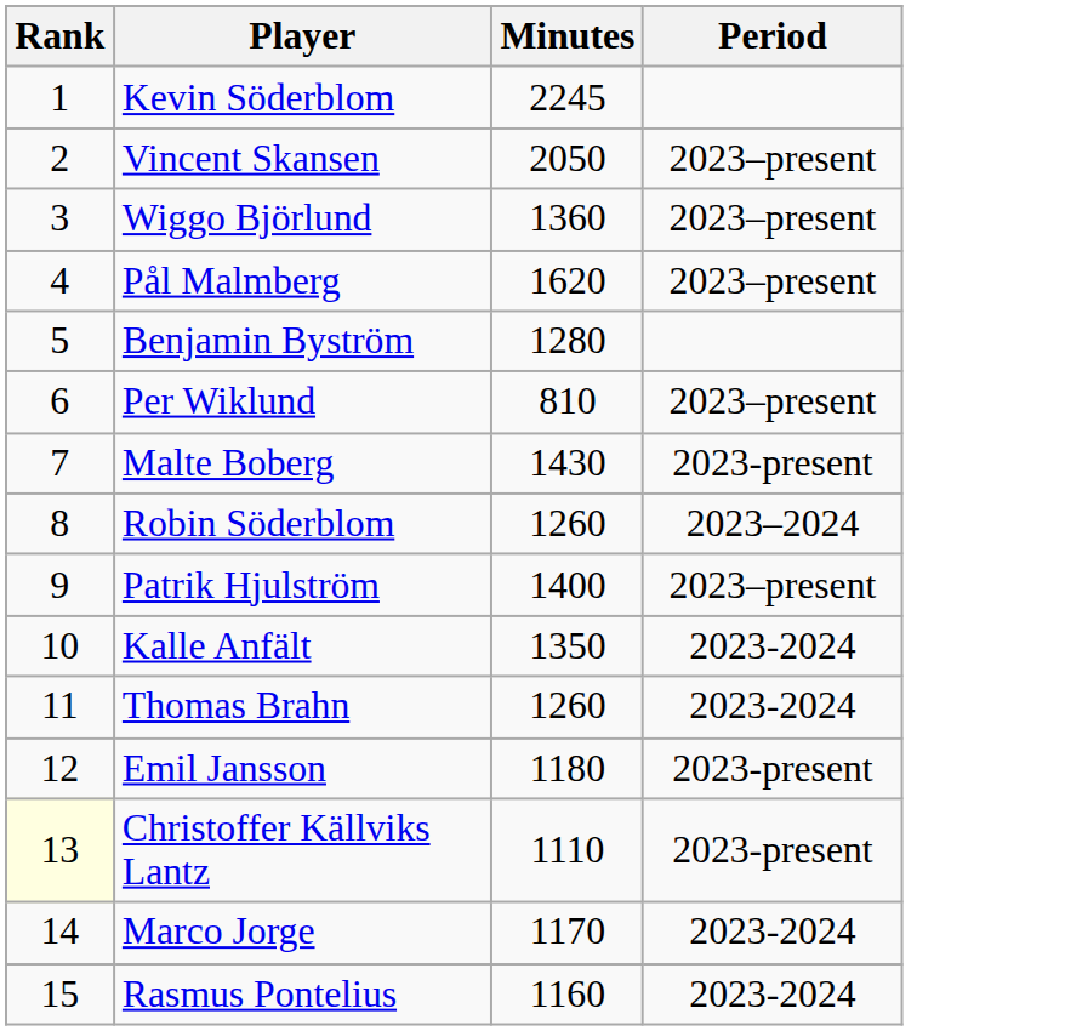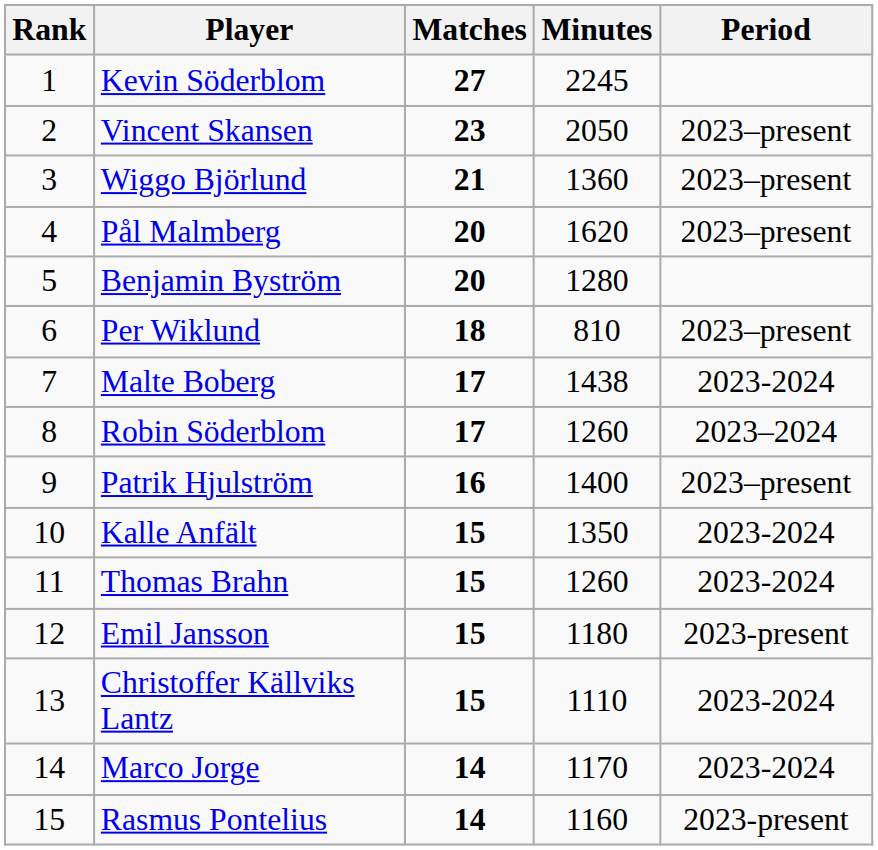 <table class="wikitable sortable" style="text-align:center;">
 <tr>
 <th width=20px>Rank</th>
 <th style="width:150px;">Player</th>
+<th width=50px>Matches</th>
 <th width=50px>Minutes</th>
 <th style="width:100px;">Period</th>
 </tr>
 <tr>
 <td>1</td>
 <td style="text-align: left;"><a href='#'>Kevin Söderblom</a></td>
+<td><strong>27</strong></td>
 <td>2245</td>
 <td></td>
 </tr>
 <tr>
 <td>2</td>
 <td style="text-align: left;"><a href='#'>Vincent Skansen</a></td>
+<td><strong>23</strong></td>
 <td>2050</td>
 <td>2023–present</td>
 </tr>
 <tr>
 <td>3</td>
 <td style="text-align: left;"><a href='#'>Wiggo Björlund</a></td>
+<td><strong>21</strong></td>
 <td>1360</td>
 <td>2023–present</td>
 </tr>
 <tr>
 <td>4</td>
 <td style="text-align: left;"><a href='#'>Pål Malmberg</a></td>
+<td><strong>20</strong></td>
 <td>1620</td>
 <td>2023–present</td>
 </tr>
 <tr>
 <td>5</td>
 <td style="text-align: left;"><a href='#'>Benjamin Byström</a></td>
+<td><strong>20</strong></td>
 <td>1280</td>
 <td></td>
 </tr>
 <tr>
 <td>6</td>
 <td style="text-align: left;"><a href='#'>Per Wiklund</a></td>
+<td><strong>18</strong></td>
 <td>810</td>
 <td>2023–present</td>
 </tr>
 <tr>
 <td>7</td>
 <td style="text-align: left"><a href='#'>Malte Boberg</a></td>
-<td>1430</td>
-<td>2023-present</td>
+<td><strong>17</strong></td>
+<td>1438</td>
+<td>2023-2024</td>
 </tr>
 <tr>
 <td>8</td>
 <td style="text-align: left;"><a href='#'>Robin Söderblom</a></td>
+<td><strong>17</strong></td>
 <td>1260</td>
 <td>2023–2024</td>
 </tr>
 <tr>
 <td>9</td>
 <td style="text-align: left;"><a href='#'>Patrik Hjulström</a></td>
+<td><strong>16</strong></td>
 <td>1400</td>
 <td>2023–present</td>
 </tr>
 <tr>
 <td>10</td>
 <td style="text-align: left"><a href='#'>Kalle Anfält</a></td>
+<td><strong>15</strong></td>
 <td>1350</td>
 <td>2023-2024</td>
 </tr>
 <tr>
 <td>11</td>
 <td style="text-align: left"><a href='#'>Thomas Brahn</a></td>
+<td><strong>15</strong></td>
 <td>1260</td>
 <td>2023-2024</td>
 </tr>
 <tr>
 <td>12</td>
 <td style="text-align: left"><a href='#'>Emil Jansson</a></td>
+<td><strong>15</strong></td>
 <td>1180</td>
 <td>2023-present</td>
 </tr>
 <tr>
-<td style="background: lightyellow;">13</td>
+<td>13</td>
 <td style="text-align: left"><a href='#'>Christoffer Källviks Lantz</a></td>
+<td><strong>15</strong></td>
 <td>1110</td>
-<td>2023-present</td>
+<td>2023-2024</td>
 </tr>
 <tr>
 <td>14</td>
 <td style="text-align: left"><a href='#'>Marco Jorge</a></td>
+<td><strong>14</strong></td>
 <td>1170</td>
 <td>2023-2024</td>
 </tr>
 <tr>
 <td>15</td>
 <td style="text-align: left"><a href='#'>Rasmus Pontelius</a></td>
+<td><strong>14</strong></td>
 <td>1160</td>
-<td>2023-2024</td>
+<td>2023-present</td>
 </tr>
 </table>
